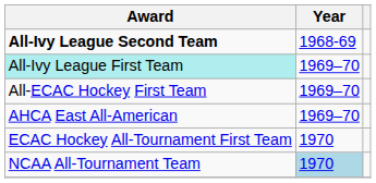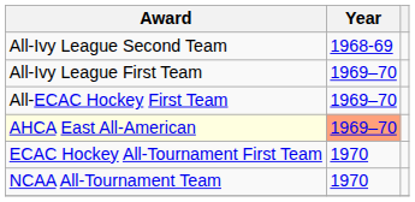 <table class="wikitable">
 <tr>
 <th>Award</th>
 <th>Year</th>
 <th></th>
 </tr>
 <tr>
-<td><strong>All-Ivy League Second Team</strong></td>
+<td>All-Ivy League Second Team</td>
 <td><a href='#'>1968-69</a></td>
 <td></td>
 </tr>
 <tr>
-<td style="background: paleturquoise;">All-Ivy League First Team</td>
+<td>All-Ivy League First Team</td>
 <td><a href='#'>1969–70</a></td>
 <td></td>
 </tr>
 <tr>
 <td>All-<a href='#'>ECAC Hockey</a> <a href='#'>First Team</a></td>
 <td><a href='#'>1969–70</a></td>
 <td></td>
 </tr>
 <tr>
-<td><a href='#'>AHCA</a> <a href='#'>East All-American</a></td>
-<td><a href='#'>1969–70</a></td>
+<td style="background: lightyellow;"><a href='#'>AHCA</a> <a href='#'>East All-American</a></td>
+<td style="background: lightsalmon;"><a href='#'>1969–70</a></td>
 <td></td>
 </tr>
 <tr>
 <td><a href='#'>ECAC Hockey</a> <a href='#'>All-Tournament First Team</a></td>
 <td><a href='#'>1970</a></td>
 <td></td>
 </tr>
 <tr>
 <td><a href='#'>NCAA</a> <a href='#'>All-Tournament Team</a></td>
-<td style="background: lightblue;"><a href='#'>1970</a></td>
+<td><a href='#'>1970</a></td>
 <td></td>
 </tr>
 <tr>
 </tr>
 </table>
